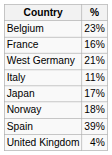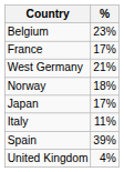 <table class="wikitable sortable" style="text-align: right; display: inline-table;">
 <tr>
 <th>Country</th>
 <th>%</th>
 </tr>
 <tr>
 <td style="text-align:left;">Belgium</td>
 <td>23%</td>
 </tr>
 <tr>
 <td style="text-align:left;">France</td>
-<td>16%</td>
+<td>17%</td>
 </tr>
 <tr>
 <td style="text-align:left;">West Germany</td>
 <td>21%</td>
 </tr>
 <tr>
-<td style="text-align:left;">Italy</td>
-<td>11%</td>
+<td style="text-align:left;">Norway</td>
+<td>18%</td>
 </tr>
 <tr>
 <td style="text-align:left;">Japan</td>
 <td>17%</td>
 </tr>
 <tr>
-<td style="text-align:left;">Norway</td>
-<td>18%</td>
+<td style="text-align:left;">Italy</td>
+<td>11%</td>
 </tr>
 <tr>
 <td style="text-align:left;">Spain</td>
 <td>39%</td>
 </tr>
 <tr>
 <td style="text-align:left;">United Kingdom</td>
 <td>4%</td>
 </tr>
 </table>
